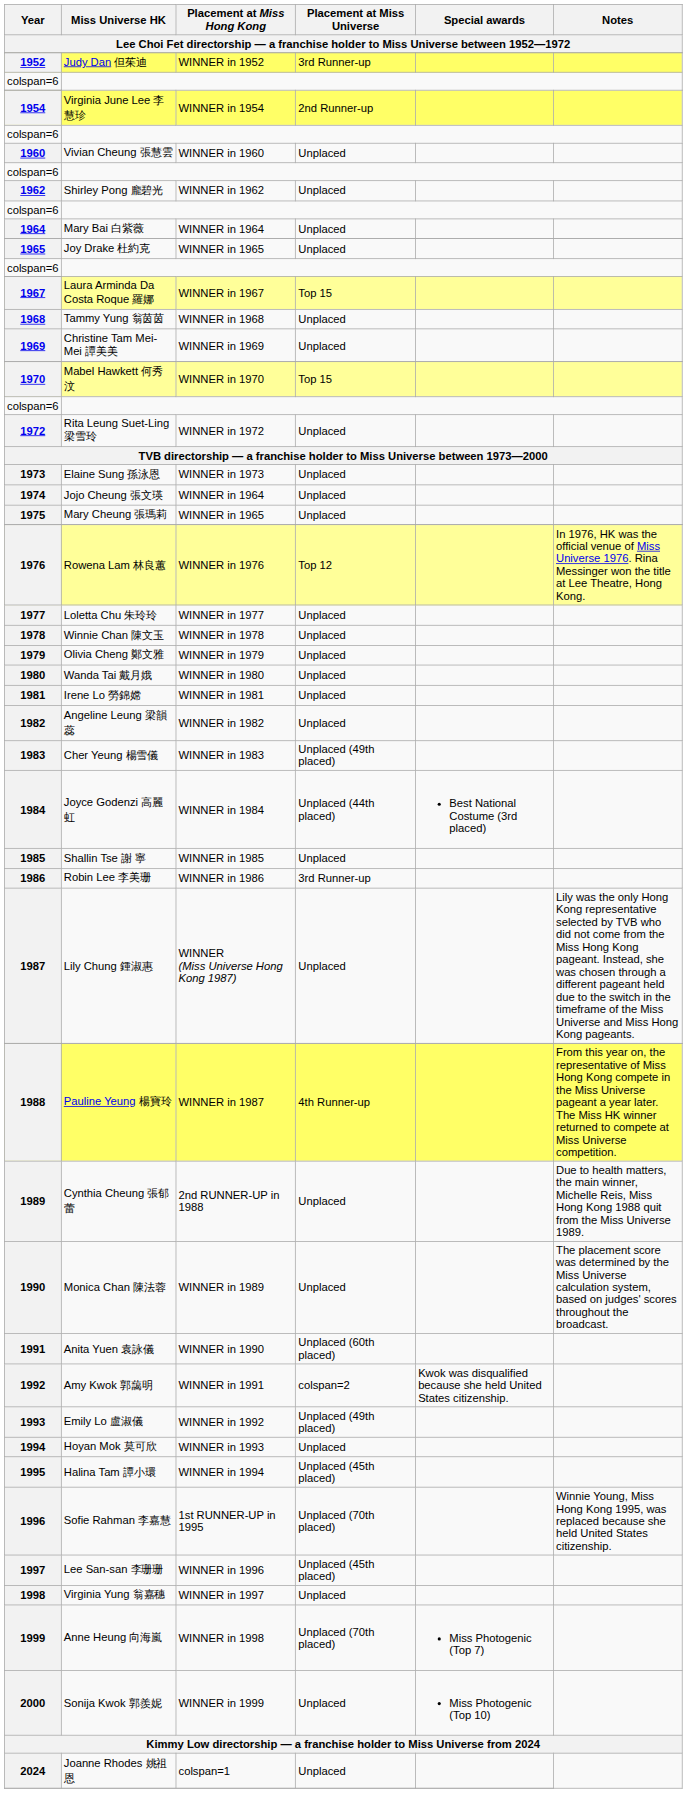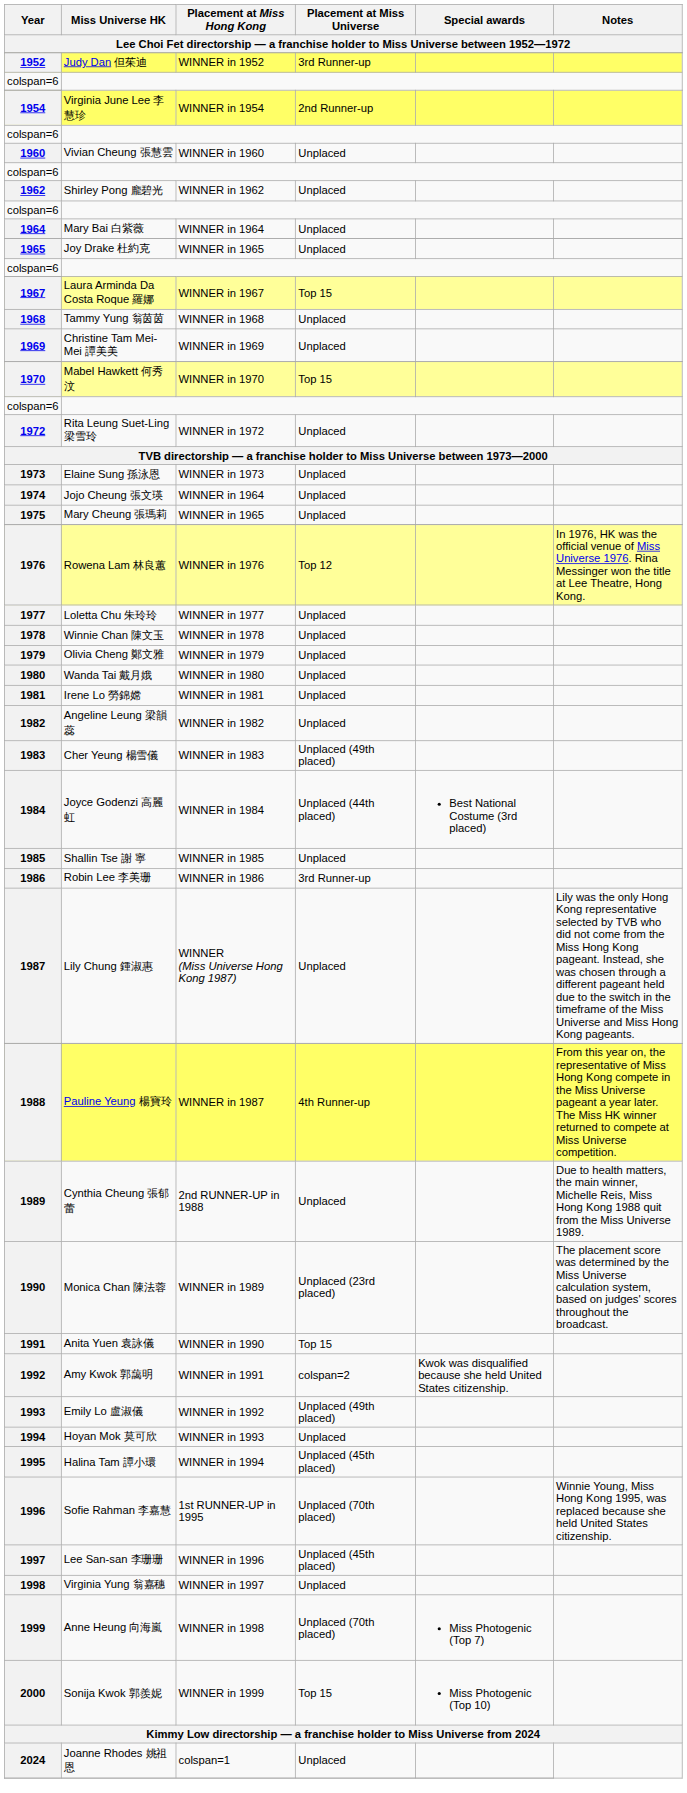 <table class="wikitable " style="font-size: 90%;">
 <tr>
 <th width="60">Year</th>
 <th width="250">Miss Universe HK</th>
 <th width="250">Placement at <em>Miss Hong Kong</em></th>
 <th width="250">Placement at Miss Universe</th>
 <th width="250">Special awards</th>
 <th width="250">Notes</th>
 </tr>
 <tr>
 <th colspan="6">Lee Choi Fet directorship — a franchise holder to Miss Universe between 1952―1972</th>
 </tr>
 <tr>
 </tr>
 <tr style="background-color:#FFFF66;">
 <th><a href='#'>1952</a></th>
 <td><a href='#'>Judy Dan</a> 但茱迪</td>
 <td>WINNER in 1952</td>
 <td>3rd Runner-up</td>
 <td></td>
 <td></td>
 </tr>
 <tr>
 <td>colspan=6 </td>
 </tr>
 <tr>
 </tr>
 <tr style="background-color:#FFFF66;">
 <th><a href='#'>1954</a></th>
 <td>Virginia June Lee 李慧珍</td>
 <td>WINNER in 1954</td>
 <td>2nd Runner-up</td>
 <td></td>
 <td></td>
 </tr>
 <tr>
 <td>colspan=6 </td>
 </tr>
 <tr>
 <th><a href='#'>1960</a></th>
 <td>Vivian Cheung 張慧雲</td>
 <td>WINNER in 1960</td>
 <td>Unplaced</td>
 <td></td>
 <td></td>
 </tr>
 <tr>
 <td>colspan=6 </td>
 </tr>
 <tr>
 <th><a href='#'>1962</a></th>
 <td>Shirley Pong 龐碧光</td>
 <td>WINNER in 1962</td>
 <td>Unplaced</td>
 <td></td>
 <td></td>
 </tr>
 <tr>
 <td>colspan=6 </td>
 </tr>
 <tr>
 <th><a href='#'>1964</a></th>
 <td>Mary Bai 白紫薇</td>
 <td>WINNER in 1964</td>
 <td>Unplaced</td>
 <td></td>
 <td></td>
 </tr>
 <tr>
 </tr>
 <tr>
 <th><a href='#'>1965</a></th>
 <td>Joy Drake 杜約克</td>
 <td>WINNER in 1965</td>
 <td>Unplaced</td>
 <td></td>
 <td></td>
 </tr>
 <tr>
 <td>colspan=6 </td>
 </tr>
 <tr>
 </tr>
 <tr style="background-color:#FFFF99;">
 <th><a href='#'>1967</a></th>
 <td>Laura Arminda Da Costa Roque 羅娜</td>
 <td>WINNER in 1967</td>
 <td>Top 15</td>
 <td></td>
 <td></td>
 </tr>
 <tr>
 <th><a href='#'>1968</a></th>
 <td>Tammy Yung 翁茵茵</td>
 <td>WINNER in 1968</td>
 <td>Unplaced</td>
 <td></td>
 <td></td>
 </tr>
 <tr>
 <th><a href='#'>1969</a></th>
 <td>Christine Tam Mei-Mei 譚美美</td>
 <td>WINNER in 1969</td>
 <td>Unplaced</td>
 <td></td>
 <td></td>
 </tr>
 <tr>
 </tr>
 <tr>
 </tr>
 <tr style="background-color:#FFFF99;">
 <th><a href='#'>1970</a></th>
 <td>Mabel Hawkett 何秀汶</td>
 <td>WINNER in 1970</td>
 <td>Top 15</td>
 <td></td>
 <td></td>
 </tr>
 <tr>
 <td>colspan=6 </td>
 </tr>
 <tr>
 <th><a href='#'>1972</a></th>
 <td>Rita Leung Suet-Ling 梁雪玲</td>
 <td>WINNER in 1972</td>
 <td>Unplaced</td>
 <td></td>
 <td></td>
 </tr>
 <tr>
 <th colspan="6">TVB directorship — a franchise holder to Miss Universe between 1973―2000</th>
 </tr>
 <tr>
 <th>1973</th>
 <td>Elaine Sung 孫泳恩</td>
 <td>WINNER in 1973</td>
 <td>Unplaced</td>
 <td></td>
 <td></td>
 </tr>
 <tr>
 <th>1974</th>
 <td>Jojo Cheung 張文瑛</td>
 <td>WINNER in 1964</td>
 <td>Unplaced</td>
 <td></td>
 <td></td>
 </tr>
 <tr>
 <th>1975</th>
 <td>Mary Cheung 張瑪莉</td>
 <td>WINNER in 1965</td>
 <td>Unplaced</td>
 <td></td>
 <td></td>
 </tr>
 <tr>
 </tr>
 <tr style="background-color:#FFFF99;">
 <th>1976</th>
 <td>Rowena Lam 林良蕙</td>
 <td>WINNER in 1976</td>
 <td>Top 12</td>
 <td></td>
 <td>In 1976, HK was the official venue of <a href='#'>Miss Universe 1976</a>. Rina Messinger won the title at Lee Theatre, Hong Kong.</td>
 </tr>
 <tr>
 <th>1977</th>
 <td>Loletta Chu 朱玲玲</td>
 <td>WINNER in 1977</td>
 <td>Unplaced</td>
 <td></td>
 <td></td>
 </tr>
 <tr>
 <th>1978</th>
 <td>Winnie Chan 陳文玉</td>
 <td>WINNER in 1978</td>
 <td>Unplaced</td>
 <td></td>
 <td></td>
 </tr>
 <tr>
 <th>1979</th>
 <td Olivia Cheng (Hong Kong actress)>Olivia Cheng 鄭文雅</td>
 <td>WINNER in 1979</td>
 <td>Unplaced</td>
 <td></td>
 <td></td>
 </tr>
 <tr>
 <th>1980</th>
 <td>Wanda Tai 戴月娥</td>
 <td>WINNER in 1980</td>
 <td>Unplaced</td>
 <td></td>
 <td></td>
 </tr>
 <tr>
 <th>1981</th>
 <td>Irene Lo 勞錦嫦</td>
 <td>WINNER in 1981</td>
 <td>Unplaced</td>
 <td></td>
 <td></td>
 </tr>
 <tr>
 <th>1982</th>
 <td>Angeline Leung 梁韻蕊</td>
 <td>WINNER in 1982</td>
 <td>Unplaced</td>
 <td></td>
 <td></td>
 </tr>
 <tr>
 <th>1983</th>
 <td>Cher Yeung 楊雪儀</td>
 <td>WINNER in 1983</td>
 <td>Unplaced (49th placed)</td>
 <td></td>
 <td></td>
 </tr>
 <tr>
 <th>1984</th>
 <td>Joyce Godenzi 高麗虹</td>
 <td>WINNER in 1984</td>
 <td>Unplaced (44th placed)</td>
 <td><br><ul><li>Best National Costume (3rd placed)</li></ul></td>
 <td></td>
 </tr>
 <tr>
 <th>1985</th>
 <td>Shallin Tse 謝 寧</td>
 <td>WINNER in 1985</td>
 <td>Unplaced</td>
 <td></td>
 <td></td>
 </tr>
 <tr>
 <th>1986</th>
 <td>Robin Lee 李美珊</td>
 <td>WINNER in 1986</td>
 <td>3rd Runner-up</td>
 <td></td>
 <td></td>
 </tr>
 <tr>
 <th>1987</th>
 <td>Lily Chung 鍾淑惠</td>
 <td>WINNER<br><em>(Miss Universe Hong Kong 1987)</em></td>
 <td>Unplaced</td>
 <td></td>
 <td>Lily was the only Hong Kong representative selected by TVB who did not come from the Miss Hong Kong pageant. Instead, she was chosen through a different pageant held due to the switch in the timeframe of the Miss Universe and Miss Hong Kong pageants.</td>
 </tr>
 <tr>
 </tr>
 <tr style="background-color:#FFFF66;">
 <th>1988</th>
 <td><a href='#'>Pauline Yeung</a> 楊寶玲</td>
 <td>WINNER in 1987</td>
 <td>4th Runner-up</td>
 <td></td>
 <td>From this year on, the representative of Miss Hong Kong compete in the Miss Universe pageant a year later. The Miss HK winner returned to compete at Miss Universe competition.</td>
 </tr>
 <tr>
 <th>1989</th>
 <td>Cynthia Cheung 張郁蕾</td>
 <td>2nd RUNNER-UP in 1988</td>
 <td>Unplaced</td>
 <td></td>
 <td>Due to health matters, the main winner, Michelle Reis, Miss Hong Kong 1988 quit from the Miss Universe 1989.</td>
 </tr>
 <tr>
 <th>1990</th>
 <td>Monica Chan 陳法蓉</td>
 <td>WINNER in 1989</td>
-<td>Unplaced</td>
+<td>Unplaced (23rd placed)</td>
 <td></td>
 <td>The placement score was determined by the Miss Universe calculation system, based on judges' scores throughout the broadcast.</td>
 </tr>
 <tr>
 <th>1991</th>
 <td>Anita Yuen 袁詠儀</td>
 <td>WINNER in 1990</td>
-<td>Unplaced (60th placed)</td>
+<td>Top 15</td>
 <td></td>
 <td></td>
 </tr>
 <tr>
 <th>1992</th>
 <td>Amy Kwok 郭藹明</td>
 <td>WINNER in 1991</td>
 <td>colspan=2 </td>
 <td>Kwok was disqualified because she held United States citizenship.</td>
 </tr>
 <tr>
 <th>1993</th>
 <td>Emily Lo 盧淑儀</td>
 <td>WINNER in 1992</td>
 <td>Unplaced (49th placed)</td>
 <td></td>
 <td></td>
 </tr>
 <tr>
 <th>1994</th>
 <td>Hoyan Mok 莫可欣</td>
 <td>WINNER in 1993</td>
 <td>Unplaced</td>
 <td></td>
 <td></td>
 </tr>
 <tr>
 <th>1995</th>
 <td>Halina Tam 譚小環</td>
 <td>WINNER in 1994</td>
 <td>Unplaced (45th placed)</td>
 <td></td>
 <td></td>
 </tr>
 <tr>
 <th>1996</th>
 <td>Sofie Rahman 李嘉慧</td>
 <td>1st RUNNER-UP in 1995</td>
 <td>Unplaced (70th placed)</td>
 <td></td>
 <td>Winnie Young, Miss Hong Kong 1995, was replaced because she held United States citizenship.</td>
 </tr>
 <tr>
 <th>1997</th>
 <td>Lee San-san 李珊珊</td>
 <td>WINNER in 1996</td>
 <td>Unplaced (45th placed)</td>
 <td></td>
 <td></td>
 </tr>
 <tr>
 <th>1998</th>
 <td>Virginia Yung 翁嘉穗</td>
 <td>WINNER in 1997</td>
 <td>Unplaced</td>
 <td></td>
 <td></td>
 </tr>
 <tr>
 <th>1999</th>
 <td>Anne Heung 向海嵐</td>
 <td>WINNER in 1998</td>
 <td>Unplaced (70th placed)</td>
 <td><br><ul><li>Miss Photogenic (Top 7)</li></ul></td>
 <td></td>
 </tr>
 <tr>
 <th>2000</th>
 <td>Sonija Kwok 郭羨妮</td>
 <td>WINNER in 1999</td>
-<td>Unplaced</td>
+<td>Top 15</td>
 <td><br><ul><li>Miss Photogenic (Top 10)</li></ul></td>
 <td></td>
 </tr>
 <tr>
 <th colspan="6">Kimmy Low directorship — a franchise holder to Miss Universe from 2024</th>
 </tr>
 <tr>
 <th>2024</th>
 <td>Joanne Rhodes 姚祖恩</td>
 <td>colspan=1 </td>
 <td>Unplaced</td>
 <td></td>
 </tr>
 <tr>
 </tr>
 </table>
